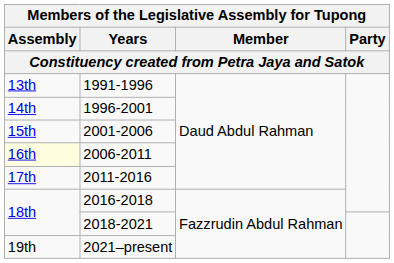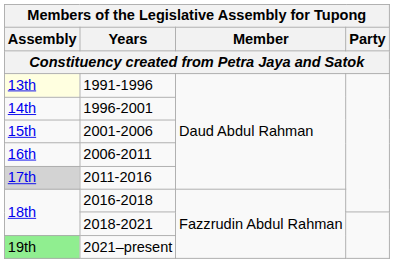 <table class=wikitable>
 <tr>
 <th colspan="4">Members of the Legislative Assembly for Tupong</th>
 </tr>
 <tr>
 <th>Assembly</th>
 <th>Years</th>
 <th>Member</th>
 <th>Party</th>
 </tr>
 <tr>
 <th colspan=4 align=center><em>Constituency created from Petra Jaya and Satok</em></th>
 </tr>
 <tr>
-<td><a href='#'>13th</a></td>
+<td style="background: lightyellow;"><a href='#'>13th</a></td>
 <td>1991-1996</td>
 <td rowspan=5>Daud Abdul Rahman</td>
 <td rowspan=6></td>
 </tr>
 <tr>
 <td><a href='#'>14th</a></td>
 <td>1996-2001</td>
 </tr>
 <tr>
 <td><a href='#'>15th</a></td>
 <td>2001-2006</td>
 </tr>
 <tr>
-<td style="background: lightyellow;"><a href='#'>16th</a></td>
+<td><a href='#'>16th</a></td>
 <td>2006-2011</td>
 </tr>
 <tr>
-<td><a href='#'>17th</a></td>
+<td style="background: lightgrey;"><a href='#'>17th</a></td>
 <td>2011-2016</td>
 </tr>
 <tr>
 <td rowspan=2><a href='#'>18th</a></td>
 <td>2016-2018</td>
 <td rowspan=3>Fazzrudin Abdul Rahman</td>
 </tr>
 <tr>
 <td>2018-2021</td>
 <td rowspan=2></td>
 </tr>
 <tr>
-<td>19th</td>
+<td style="background: lightgreen;">19th</td>
 <td>2021–present</td>
 </tr>
 </table>
